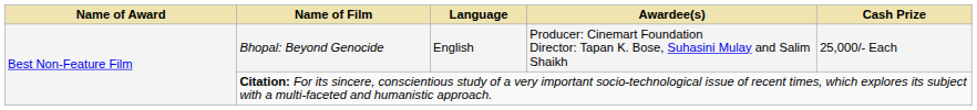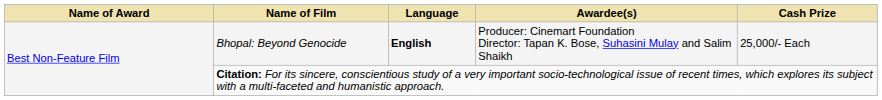 <table class="wikitable">
 <tr>
 <th style="background-color:#EFE4B0;width:24%;">Name of Award</th>
 <th style="background-color:#EFE4B0;width:20%;">Name of Film</th>
 <th style="background-color:#EFE4B0;width:10%;">Language</th>
 <th style="background-color:#EFE4B0;width:30%;">Awardee(s)</th>
 <th style="background-color:#EFE4B0;width:16%;">Cash Prize</th>
 </tr>
 <tr style="background-color:#F4F4F4">
 <td rowspan="2"><a href='#'>Best Non-Feature Film</a></td>
 <td><em>Bhopal: Beyond Genocide</em></td>
-<td>English</td>
+<td><strong>English</strong></td>
 <td>Producer: Cinemart Foundation<br>Director: Tapan K. Bose, <a href='#'>Suhasini Mulay</a> and Salim Shaikh</td>
 <td> 25,000/- Each</td>
 </tr>
 <tr style="background-color:#F9F9F9">
 <td colspan="4"><strong>Citation:</strong> <em>For its sincere, conscientious study of a very important socio-technological issue of recent times, which explores its subject with a multi-faceted and humanistic approach.</em></td>
 </tr>
 </table>
